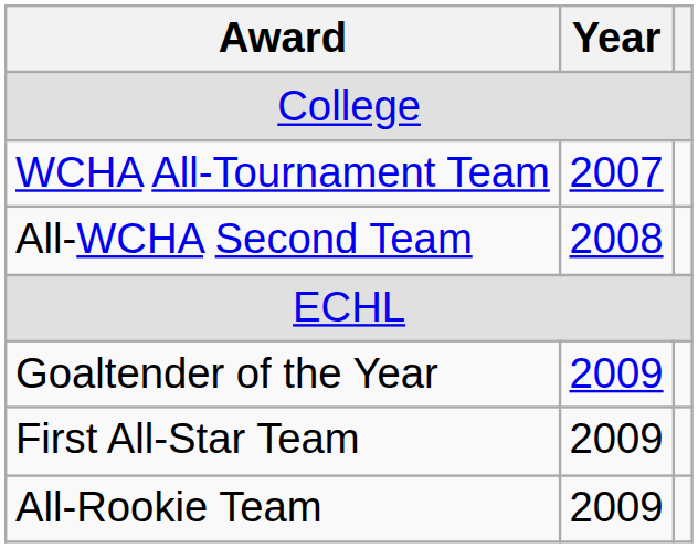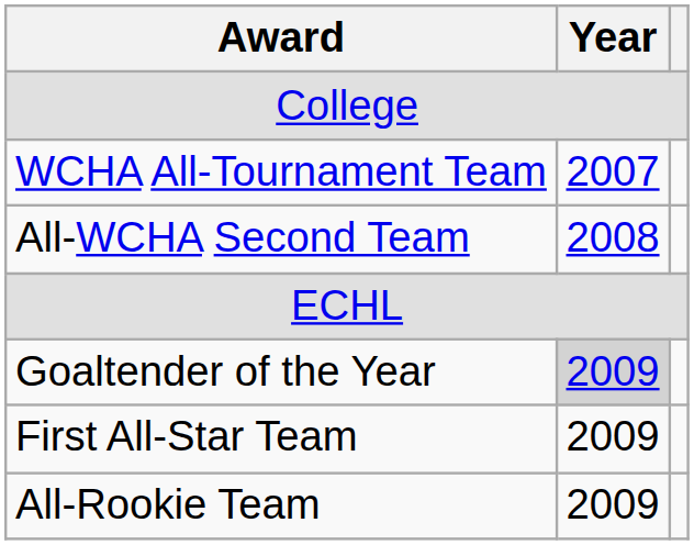 <table class="wikitable">
 <tr>
 <th>Award</th>
 <th>Year</th>
 <th></th>
 </tr>
 <tr ALIGN="center" bgcolor="#e0e0e0">
 <td colspan="3"><a href='#'>College</a></td>
 </tr>
 <tr>
 <td><a href='#'>WCHA</a> <a href='#'>All-Tournament Team</a></td>
 <td><a href='#'>2007</a></td>
 <td></td>
 </tr>
 <tr>
 <td>All-<a href='#'>WCHA</a> <a href='#'>Second Team</a></td>
 <td><a href='#'>2008</a></td>
 <td></td>
 </tr>
 <tr ALIGN="center" bgcolor="#e0e0e0">
 <td colspan="3"><a href='#'>ECHL</a></td>
 </tr>
 <tr>
 <td>Goaltender of the Year</td>
-<td><a href='#'>2009</a></td>
+<td style="background: lightgrey;"><a href='#'>2009</a></td>
 <td></td>
 </tr>
 <tr>
 <td>First All-Star Team</td>
 <td>2009</td>
 <td></td>
 </tr>
 <tr>
 <td>All-Rookie Team</td>
 <td>2009</td>
 <td></td>
 </tr>
 </table>
